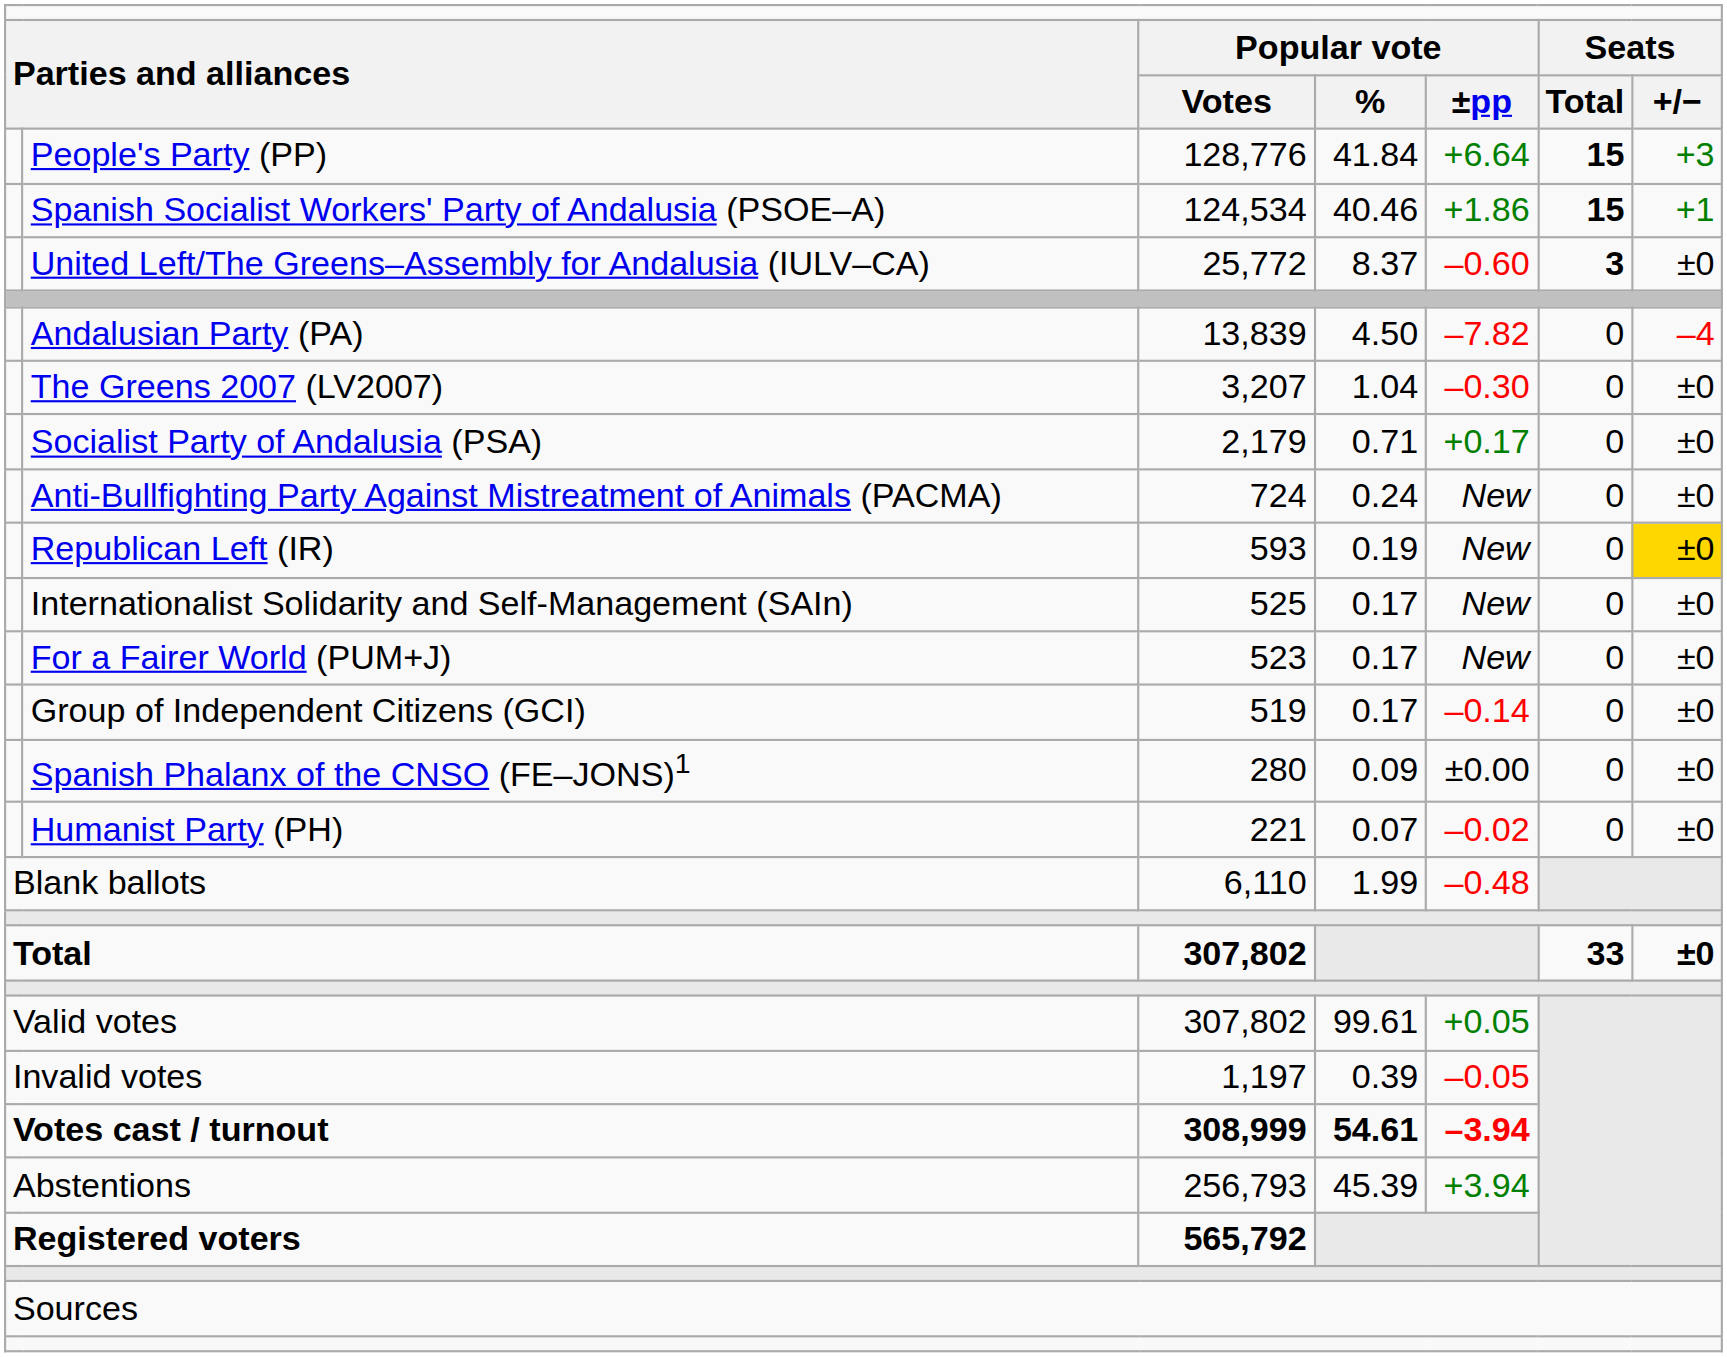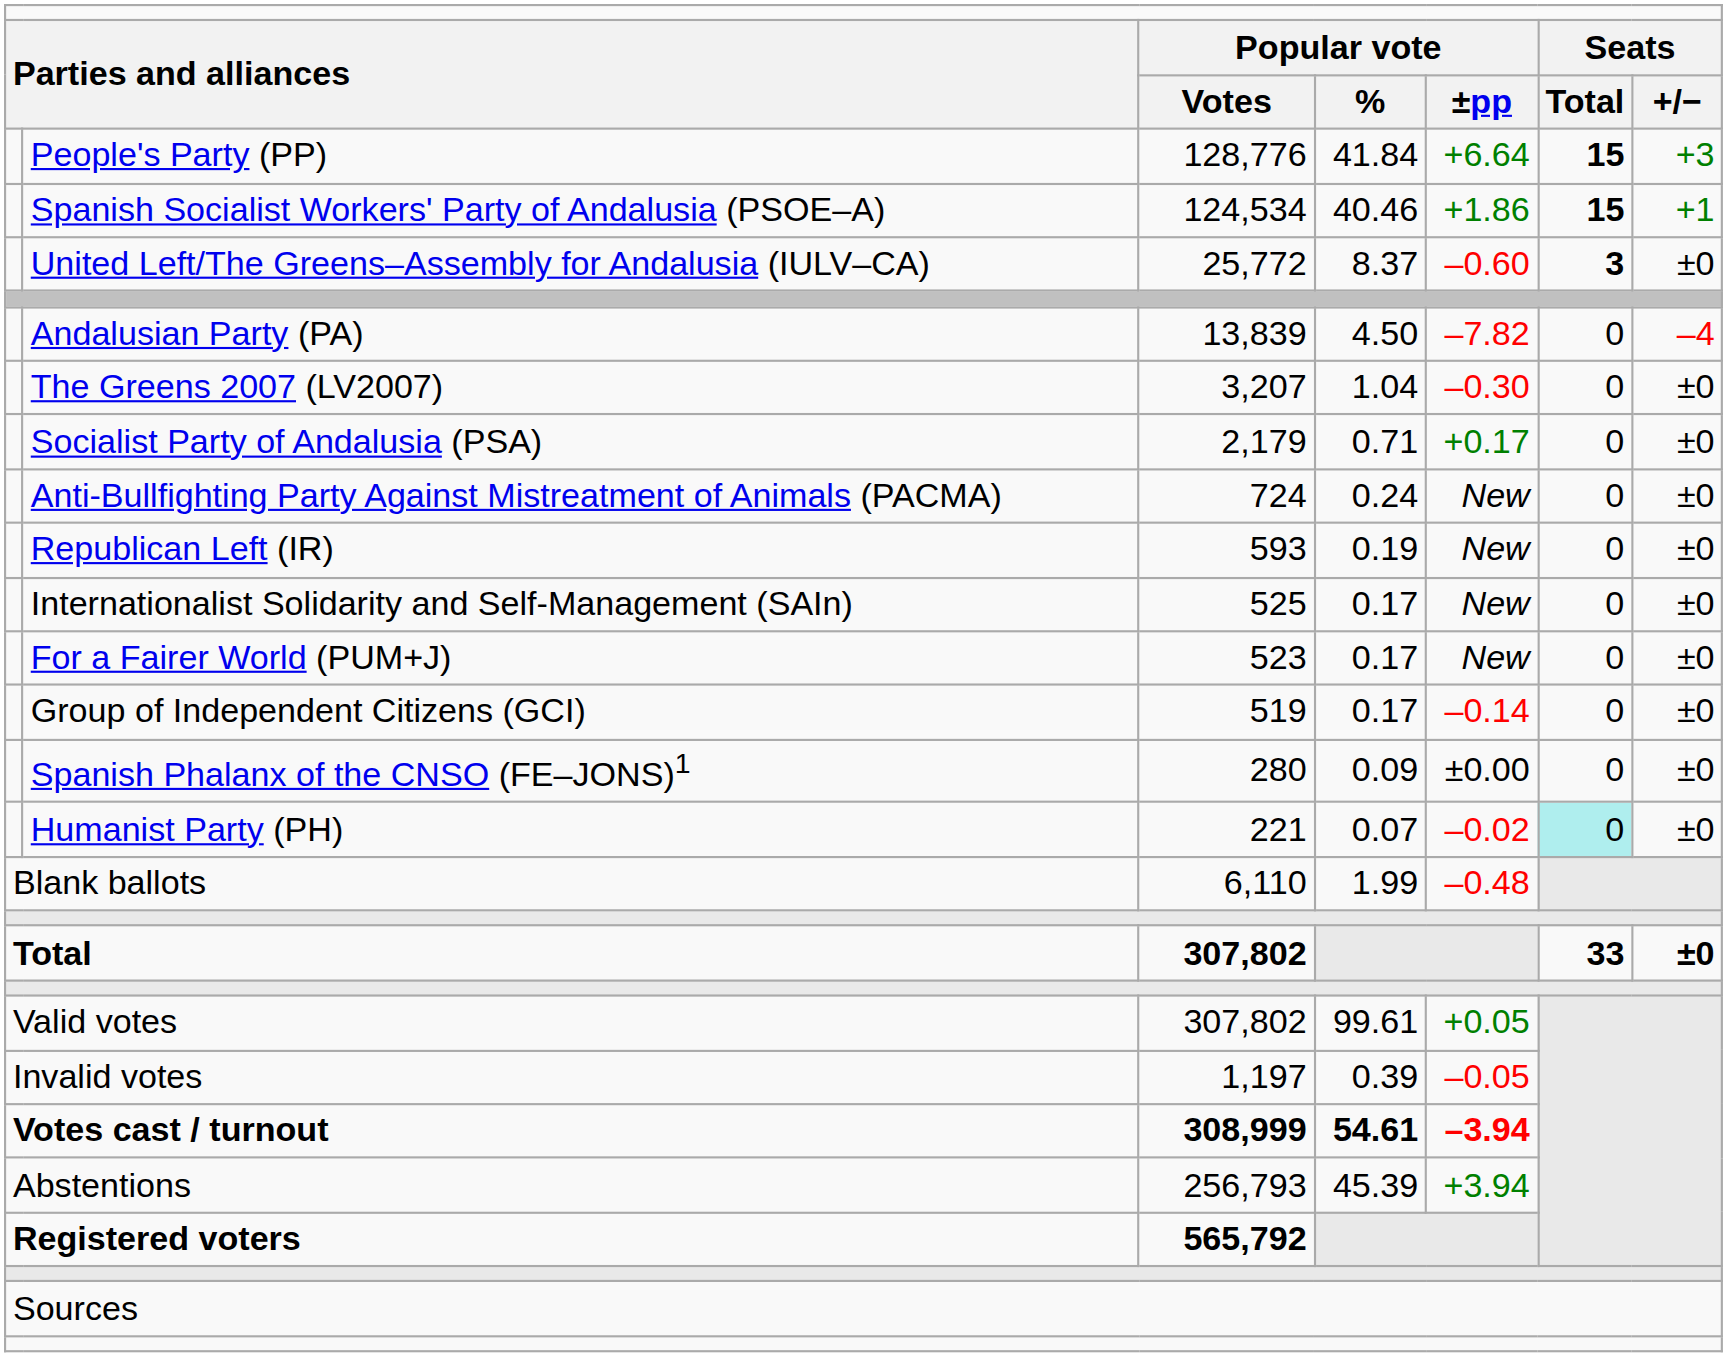 <table class="wikitable" style="text-align:right;">
 <tr>
 <td colspan="7"></td>
 </tr>
 <tr>
 <th style="text-align:left;" rowspan="2" colspan="2" width="525">Parties and alliances</th>
 <th colspan="3">Popular vote</th>
 <th colspan="2">Seats</th>
 </tr>
 <tr>
 <th width="75">Votes</th>
 <th width="45">%</th>
 <th width="45">±<a href='#'>pp</a></th>
 <th width="35">Total</th>
 <th width="35">+/−</th>
 </tr>
 <tr>
 <td width="1" style="color:inherit;background:"></td>
 <td align="left"><a href='#'>People's Party</a> (PP)</td>
 <td>128,776</td>
 <td>41.84</td>
 <td style="color:green;">+6.64</td>
 <td><strong>15</strong></td>
 <td style="color:green;">+3</td>
 </tr>
 <tr>
 <td style="color:inherit;background:"></td>
 <td align="left"><a href='#'>Spanish Socialist Workers' Party of Andalusia</a> (PSOE–A)</td>
 <td>124,534</td>
 <td>40.46</td>
 <td style="color:green;">+1.86</td>
 <td><strong>15</strong></td>
 <td style="color:green;">+1</td>
 </tr>
 <tr>
 <td style="color:inherit;background:"></td>
 <td align="left"><a href='#'>United Left/The Greens–Assembly for Andalusia</a> (IULV–CA)</td>
 <td>25,772</td>
 <td>8.37</td>
 <td style="color:red;">–0.60</td>
 <td><strong>3</strong></td>
 <td>±0</td>
 </tr>
 <tr>
 <td colspan="7" bgcolor="#C0C0C0"></td>
 </tr>
 <tr>
 <td style="color:inherit;background:"></td>
 <td align="left"><a href='#'>Andalusian Party</a> (PA)</td>
 <td>13,839</td>
 <td>4.50</td>
 <td style="color:red;">–7.82</td>
 <td>0</td>
 <td style="color:red;">–4</td>
 </tr>
 <tr>
 <td style="color:inherit;background:"></td>
 <td align="left"><a href='#'>The Greens 2007</a> (LV2007)</td>
 <td>3,207</td>
 <td>1.04</td>
 <td style="color:red;">–0.30</td>
 <td>0</td>
 <td>±0</td>
 </tr>
 <tr>
 <td style="color:inherit;background:"></td>
 <td align="left"><a href='#'>Socialist Party of Andalusia</a> (PSA)</td>
 <td>2,179</td>
 <td>0.71</td>
 <td style="color:green;">+0.17</td>
 <td>0</td>
 <td>±0</td>
 </tr>
 <tr>
 <td style="color:inherit;background:"></td>
 <td align="left"><a href='#'>Anti-Bullfighting Party Against Mistreatment of Animals</a> (PACMA)</td>
 <td>724</td>
 <td>0.24</td>
 <td><em>New</em></td>
 <td>0</td>
 <td>±0</td>
 </tr>
 <tr>
 <td style="color:inherit;background:"></td>
 <td align="left"><a href='#'>Republican Left</a> (IR)</td>
 <td>593</td>
 <td>0.19</td>
 <td><em>New</em></td>
 <td>0</td>
-<td style="background: gold;">±0</td>
+<td>±0</td>
 </tr>
 <tr>
 <td style="color:inherit;background:"></td>
 <td align="left">Internationalist Solidarity and Self-Management (SAIn)</td>
 <td>525</td>
 <td>0.17</td>
 <td><em>New</em></td>
 <td>0</td>
 <td>±0</td>
 </tr>
 <tr>
 <td style="color:inherit;background:"></td>
 <td align="left"><a href='#'>For a Fairer World</a> (PUM+J)</td>
 <td>523</td>
 <td>0.17</td>
 <td><em>New</em></td>
 <td>0</td>
 <td>±0</td>
 </tr>
 <tr>
 <td style="color:inherit;background:"></td>
 <td align="left">Group of Independent Citizens (GCI)</td>
 <td>519</td>
 <td>0.17</td>
 <td style="color:red;">–0.14</td>
 <td>0</td>
 <td>±0</td>
 </tr>
 <tr>
 <td style="color:inherit;background:"></td>
 <td align="left"><a href='#'>Spanish Phalanx of the CNSO</a> (FE–JONS)<sup>1</sup></td>
 <td>280</td>
 <td>0.09</td>
 <td>±0.00</td>
 <td>0</td>
 <td>±0</td>
 </tr>
 <tr>
 <td style="color:inherit;background:"></td>
 <td align="left"><a href='#'>Humanist Party</a> (PH)</td>
 <td>221</td>
 <td>0.07</td>
 <td style="color:red;">–0.02</td>
-<td>0</td>
+<td style="background: paleturquoise;">0</td>
 <td>±0</td>
 </tr>
 <tr>
 <td align="left" colspan="2">Blank ballots</td>
 <td>6,110</td>
 <td>1.99</td>
 <td style="color:red;">–0.48</td>
 <td bgcolor="#E9E9E9" colspan="2"></td>
 </tr>
 <tr>
 <td colspan="7" bgcolor="#E9E9E9"></td>
 </tr>
 <tr style="font-weight:bold;">
 <td align="left" colspan="2">Total</td>
 <td>307,802</td>
 <td bgcolor="#E9E9E9" colspan="2"></td>
 <td>33</td>
 <td>±0</td>
 </tr>
 <tr>
 <td colspan="7" bgcolor="#E9E9E9"></td>
 </tr>
 <tr>
 <td align="left" colspan="2">Valid votes</td>
 <td>307,802</td>
 <td>99.61</td>
 <td style="color:green;">+0.05</td>
 <td bgcolor="#E9E9E9" colspan="2" rowspan="5"></td>
 </tr>
 <tr>
 <td align="left" colspan="2">Invalid votes</td>
 <td>1,197</td>
 <td>0.39</td>
 <td style="color:red;">–0.05</td>
 </tr>
 <tr style="font-weight:bold;">
 <td align="left" colspan="2">Votes cast / turnout</td>
 <td>308,999</td>
 <td>54.61</td>
 <td style="color:red;">–3.94</td>
 </tr>
 <tr>
 <td align="left" colspan="2">Abstentions</td>
 <td>256,793</td>
 <td>45.39</td>
 <td style="color:green;">+3.94</td>
 </tr>
 <tr style="font-weight:bold;">
 <td align="left" colspan="2">Registered voters</td>
 <td>565,792</td>
 <td bgcolor="#E9E9E9" colspan="2"></td>
 </tr>
 <tr>
 <td colspan="7" bgcolor="#E9E9E9"></td>
 </tr>
 <tr>
 <td align="left" colspan="7">Sources</td>
 </tr>
 <tr>
 <td colspan="7" style="text-align:left; max-width:790px;"></td>
 </tr>
 </table>
